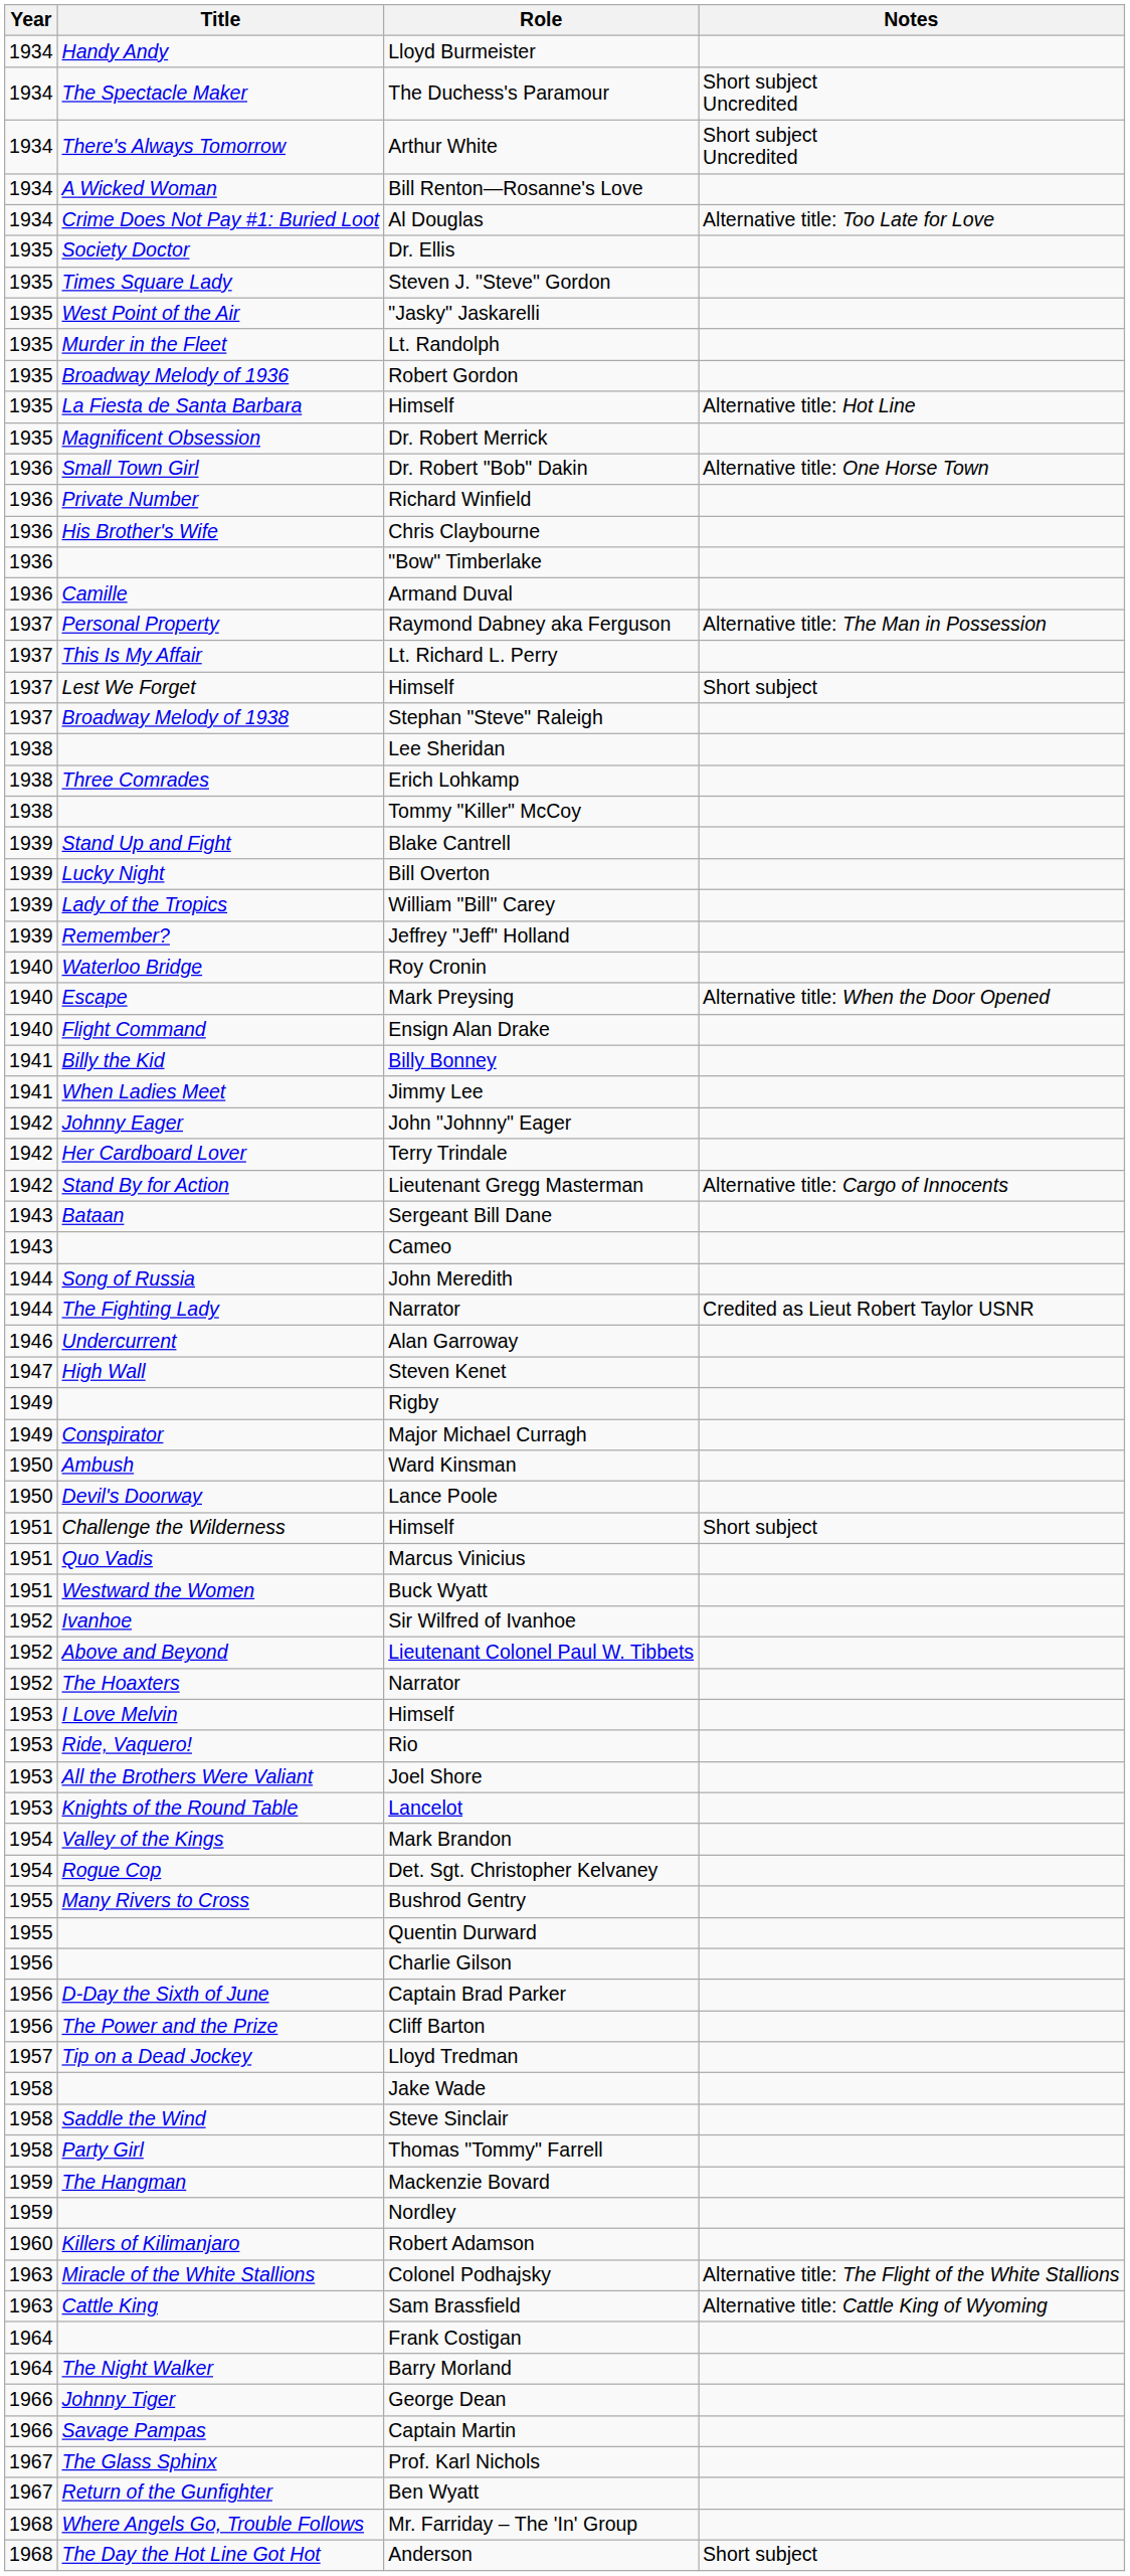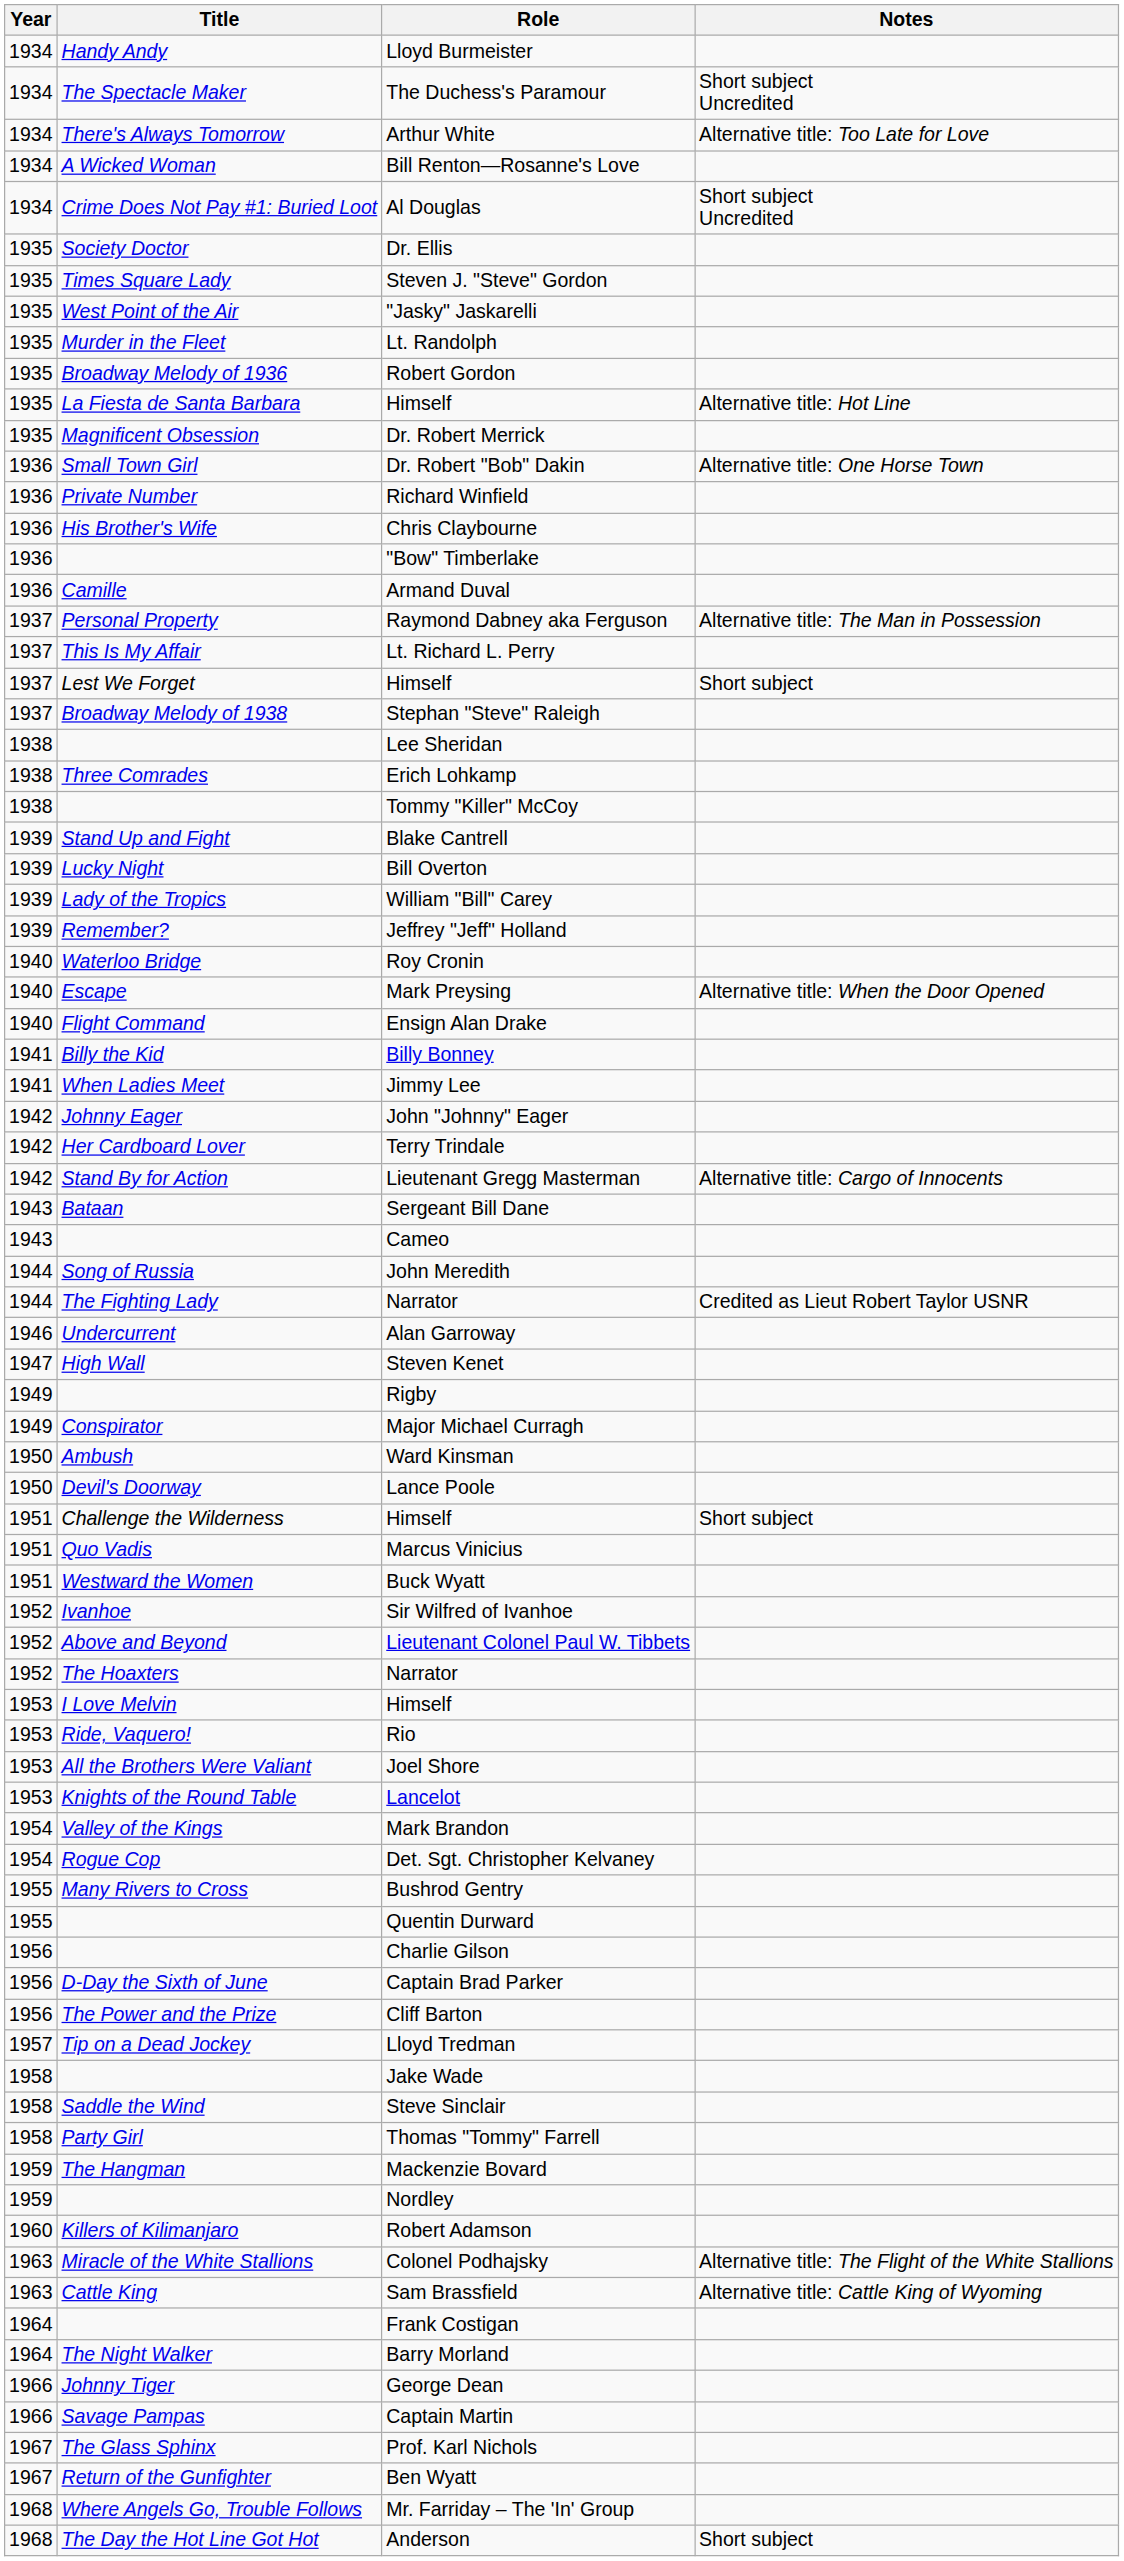 <table class="wikitable sortable">
 <tr>
 <th>Year</th>
 <th>Title</th>
 <th>Role</th>
 <th class="unsortable">Notes</th>
 </tr>
 <tr>
 <td>1934</td>
 <td><em><a href='#'>Handy Andy</a></em></td>
 <td>Lloyd Burmeister</td>
 <td></td>
 </tr>
 <tr>
 <td>1934</td>
 <td><em><a href='#'>The Spectacle Maker</a></em></td>
 <td>The Duchess's Paramour</td>
 <td>Short subject<br>Uncredited</td>
 </tr>
 <tr>
 <td>1934</td>
 <td><em><a href='#'>There's Always Tomorrow</a></em></td>
 <td>Arthur White</td>
-<td>Short subject<br>Uncredited</td>
+<td>Alternative title: <em>Too Late for Love</em></td>
 </tr>
 <tr>
 <td>1934</td>
 <td><em><a href='#'>A Wicked Woman</a></em></td>
 <td>Bill Renton—Rosanne's Love</td>
 <td></td>
 </tr>
 <tr>
 <td>1934</td>
 <td><a href='#'><em>Crime Does Not Pay #1: Buried Loot</em></a></td>
 <td>Al Douglas</td>
-<td>Alternative title: <em>Too Late for Love</em></td>
+<td>Short subject<br>Uncredited</td>
 </tr>
 <tr>
 <td>1935</td>
 <td><em><a href='#'>Society Doctor</a></em></td>
 <td>Dr. Ellis</td>
 <td></td>
 </tr>
 <tr>
 <td>1935</td>
 <td><em><a href='#'>Times Square Lady</a></em></td>
 <td>Steven J. "Steve" Gordon</td>
 <td></td>
 </tr>
 <tr>
 <td>1935</td>
 <td><em><a href='#'>West Point of the Air</a></em></td>
 <td>"Jasky" Jaskarelli</td>
 <td></td>
 </tr>
 <tr>
 <td>1935</td>
 <td><em><a href='#'>Murder in the Fleet</a></em></td>
 <td>Lt. Randolph</td>
 <td></td>
 </tr>
 <tr>
 <td>1935</td>
 <td><em><a href='#'>Broadway Melody of 1936</a></em></td>
 <td>Robert Gordon</td>
 <td></td>
 </tr>
 <tr>
 <td>1935</td>
 <td><em><a href='#'>La Fiesta de Santa Barbara</a></em></td>
 <td>Himself</td>
 <td>Alternative title: <em>Hot Line</em></td>
 </tr>
 <tr>
 <td>1935</td>
 <td><em><a href='#'>Magnificent Obsession</a></em></td>
 <td>Dr. Robert Merrick</td>
 <td></td>
 </tr>
 <tr>
 <td>1936</td>
 <td><em><a href='#'>Small Town Girl</a></em></td>
 <td>Dr. Robert "Bob" Dakin</td>
 <td>Alternative title: <em>One Horse Town</em></td>
 </tr>
 <tr>
 <td>1936</td>
 <td><em><a href='#'>Private Number</a></em></td>
 <td>Richard Winfield</td>
 <td></td>
 </tr>
 <tr>
 <td>1936</td>
 <td><em><a href='#'>His Brother's Wife</a></em></td>
 <td>Chris Claybourne</td>
 <td></td>
 </tr>
 <tr>
 <td>1936</td>
 <td><em></em></td>
 <td>"Bow" Timberlake</td>
 <td></td>
 </tr>
 <tr>
 <td>1936</td>
 <td><em><a href='#'>Camille</a></em></td>
 <td>Armand Duval</td>
 <td></td>
 </tr>
 <tr>
 <td>1937</td>
 <td><em><a href='#'>Personal Property</a></em></td>
 <td>Raymond Dabney aka Ferguson</td>
 <td>Alternative title: <em>The Man in Possession</em></td>
 </tr>
 <tr>
 <td>1937</td>
 <td><em><a href='#'>This Is My Affair</a></em></td>
 <td>Lt. Richard L. Perry</td>
 <td></td>
 </tr>
 <tr>
 <td>1937</td>
 <td><em>Lest We Forget</em></td>
 <td>Himself</td>
 <td>Short subject</td>
 </tr>
 <tr>
 <td>1937</td>
 <td><em><a href='#'>Broadway Melody of 1938</a></em></td>
 <td>Stephan "Steve" Raleigh</td>
 <td></td>
 </tr>
 <tr>
 <td>1938</td>
 <td><em></em></td>
 <td>Lee Sheridan</td>
 <td></td>
 </tr>
 <tr>
 <td>1938</td>
 <td><em><a href='#'>Three Comrades</a></em></td>
 <td>Erich Lohkamp</td>
 <td></td>
 </tr>
 <tr>
 <td>1938</td>
 <td><em></em></td>
 <td>Tommy "Killer" McCoy</td>
 <td></td>
 </tr>
 <tr>
 <td>1939</td>
 <td><em><a href='#'>Stand Up and Fight</a></em></td>
 <td>Blake Cantrell</td>
 <td></td>
 </tr>
 <tr>
 <td>1939</td>
 <td><em><a href='#'>Lucky Night</a></em></td>
 <td>Bill Overton</td>
 <td></td>
 </tr>
 <tr>
 <td>1939</td>
 <td><em><a href='#'>Lady of the Tropics</a></em></td>
 <td>William "Bill" Carey</td>
 <td></td>
 </tr>
 <tr>
 <td>1939</td>
 <td><em><a href='#'>Remember?</a></em></td>
 <td>Jeffrey "Jeff" Holland</td>
 <td></td>
 </tr>
 <tr>
 <td>1940</td>
 <td><em><a href='#'>Waterloo Bridge</a></em></td>
 <td>Roy Cronin</td>
 <td></td>
 </tr>
 <tr>
 <td>1940</td>
 <td><em><a href='#'>Escape</a></em></td>
 <td>Mark Preysing</td>
 <td>Alternative title: <em>When the Door Opened</em></td>
 </tr>
 <tr>
 <td>1940</td>
 <td><em><a href='#'>Flight Command</a></em></td>
 <td>Ensign Alan Drake</td>
 <td></td>
 </tr>
 <tr>
 <td>1941</td>
 <td><em><a href='#'>Billy the Kid</a></em></td>
 <td><a href='#'>Billy Bonney</a></td>
 <td></td>
 </tr>
 <tr>
 <td>1941</td>
 <td><em><a href='#'>When Ladies Meet</a></em></td>
 <td>Jimmy Lee</td>
 <td></td>
 </tr>
 <tr>
 <td>1942</td>
 <td><em><a href='#'>Johnny Eager</a></em></td>
 <td>John "Johnny" Eager</td>
 <td></td>
 </tr>
 <tr>
 <td>1942</td>
 <td><em><a href='#'>Her Cardboard Lover</a></em></td>
 <td>Terry Trindale</td>
 <td></td>
 </tr>
 <tr>
 <td>1942</td>
 <td><em><a href='#'>Stand By for Action</a></em></td>
 <td>Lieutenant Gregg Masterman</td>
 <td>Alternative title: <em>Cargo of Innocents</em></td>
 </tr>
 <tr>
 <td>1943</td>
 <td><em><a href='#'>Bataan</a></em></td>
 <td>Sergeant Bill Dane</td>
 <td></td>
 </tr>
 <tr>
 <td>1943</td>
 <td><em></em></td>
 <td>Cameo</td>
 <td></td>
 </tr>
 <tr>
 <td>1944</td>
 <td><em><a href='#'>Song of Russia</a></em></td>
 <td>John Meredith</td>
 <td></td>
 </tr>
 <tr>
 <td>1944</td>
 <td><em><a href='#'>The Fighting Lady</a></em></td>
 <td>Narrator</td>
 <td>Credited as Lieut Robert Taylor USNR</td>
 </tr>
 <tr>
 <td>1946</td>
 <td><em><a href='#'>Undercurrent</a></em></td>
 <td>Alan Garroway</td>
 <td></td>
 </tr>
 <tr>
 <td>1947</td>
 <td><em><a href='#'>High Wall</a></em></td>
 <td>Steven Kenet</td>
 <td></td>
 </tr>
 <tr>
 <td>1949</td>
 <td><em></em></td>
 <td>Rigby</td>
 <td></td>
 </tr>
 <tr>
 <td>1949</td>
 <td><em><a href='#'>Conspirator</a></em></td>
 <td>Major Michael Curragh</td>
 <td></td>
 </tr>
 <tr>
 <td>1950</td>
 <td><em><a href='#'>Ambush</a></em></td>
 <td>Ward Kinsman</td>
 <td></td>
 </tr>
 <tr>
 <td>1950</td>
 <td><em><a href='#'>Devil's Doorway</a></em></td>
 <td>Lance Poole</td>
 <td></td>
 </tr>
 <tr>
 <td>1951</td>
 <td><em>Challenge the Wilderness</em></td>
 <td>Himself</td>
 <td>Short subject</td>
 </tr>
 <tr>
 <td>1951</td>
 <td><em><a href='#'>Quo Vadis</a></em></td>
 <td>Marcus Vinicius</td>
 <td></td>
 </tr>
 <tr>
 <td>1951</td>
 <td><em><a href='#'>Westward the Women</a></em></td>
 <td>Buck Wyatt</td>
 <td></td>
 </tr>
 <tr>
 <td>1952</td>
 <td><em><a href='#'>Ivanhoe</a></em></td>
 <td>Sir Wilfred of Ivanhoe</td>
 <td></td>
 </tr>
 <tr>
 <td>1952</td>
 <td><em><a href='#'>Above and Beyond</a></em></td>
 <td><a href='#'>Lieutenant Colonel Paul W. Tibbets</a></td>
 <td></td>
 </tr>
 <tr>
 <td>1952</td>
 <td><em><a href='#'>The Hoaxters</a></em></td>
 <td>Narrator</td>
 <td></td>
 </tr>
 <tr>
 <td>1953</td>
 <td><em><a href='#'>I Love Melvin</a></em></td>
 <td>Himself</td>
 <td></td>
 </tr>
 <tr>
 <td>1953</td>
 <td><em><a href='#'>Ride, Vaquero!</a></em></td>
 <td>Rio</td>
 <td></td>
 </tr>
 <tr>
 <td>1953</td>
 <td><em><a href='#'>All the Brothers Were Valiant</a></em></td>
 <td>Joel Shore</td>
 <td></td>
 </tr>
 <tr>
 <td>1953</td>
 <td><em><a href='#'>Knights of the Round Table</a></em></td>
 <td><a href='#'>Lancelot</a></td>
 <td></td>
 </tr>
 <tr>
 <td>1954</td>
 <td><em><a href='#'>Valley of the Kings</a></em></td>
 <td>Mark Brandon</td>
 <td></td>
 </tr>
 <tr>
 <td>1954</td>
 <td><em><a href='#'>Rogue Cop</a></em></td>
 <td>Det. Sgt. Christopher Kelvaney</td>
 <td></td>
 </tr>
 <tr>
 <td>1955</td>
 <td><em><a href='#'>Many Rivers to Cross</a></em></td>
 <td>Bushrod Gentry</td>
 <td></td>
 </tr>
 <tr>
 <td>1955</td>
 <td><em></em></td>
 <td>Quentin Durward</td>
 <td></td>
 </tr>
 <tr>
 <td>1956</td>
 <td><em></em></td>
 <td>Charlie Gilson</td>
 <td></td>
 </tr>
 <tr>
 <td>1956</td>
 <td><em><a href='#'>D-Day the Sixth of June</a></em></td>
 <td>Captain Brad Parker</td>
 <td></td>
 </tr>
 <tr>
 <td>1956</td>
 <td><em><a href='#'>The Power and the Prize</a></em></td>
 <td>Cliff Barton</td>
 <td></td>
 </tr>
 <tr>
 <td>1957</td>
 <td><em><a href='#'>Tip on a Dead Jockey</a></em></td>
 <td>Lloyd Tredman</td>
 <td></td>
 </tr>
 <tr>
 <td>1958</td>
 <td><em></em></td>
 <td>Jake Wade</td>
 <td></td>
 </tr>
 <tr>
 <td>1958</td>
 <td><em><a href='#'>Saddle the Wind</a></em></td>
 <td>Steve Sinclair</td>
 <td></td>
 </tr>
 <tr>
 <td>1958</td>
 <td><em><a href='#'>Party Girl</a></em></td>
 <td>Thomas "Tommy" Farrell</td>
 <td></td>
 </tr>
 <tr>
 <td>1959</td>
 <td><em><a href='#'>The Hangman</a></em></td>
 <td>Mackenzie Bovard</td>
 <td></td>
 </tr>
 <tr>
 <td>1959</td>
 <td><em></em></td>
 <td>Nordley</td>
 <td></td>
 </tr>
 <tr>
 <td>1960</td>
 <td><em><a href='#'>Killers of Kilimanjaro</a></em></td>
 <td>Robert Adamson</td>
 <td></td>
 </tr>
 <tr>
 <td>1963</td>
 <td><em><a href='#'>Miracle of the White Stallions</a></em></td>
 <td>Colonel Podhajsky</td>
 <td>Alternative title: <em>The Flight of the White Stallions</em></td>
 </tr>
 <tr>
 <td>1963</td>
 <td><em><a href='#'>Cattle King</a></em></td>
 <td>Sam Brassfield</td>
 <td>Alternative title: <em>Cattle King of Wyoming</em></td>
 </tr>
 <tr>
 <td>1964</td>
 <td><em></em></td>
 <td>Frank Costigan</td>
 <td></td>
 </tr>
 <tr>
 <td>1964</td>
 <td><em><a href='#'>The Night Walker</a></em></td>
 <td>Barry Morland</td>
 <td></td>
 </tr>
 <tr>
 <td>1966</td>
 <td><em><a href='#'>Johnny Tiger</a></em></td>
 <td>George Dean</td>
 <td></td>
 </tr>
 <tr>
 <td>1966</td>
 <td><em><a href='#'>Savage Pampas</a></em></td>
 <td>Captain Martin</td>
 <td></td>
 </tr>
 <tr>
 <td>1967</td>
 <td><em><a href='#'>The Glass Sphinx</a></em></td>
 <td>Prof. Karl Nichols</td>
 <td></td>
 </tr>
 <tr>
 <td>1967</td>
 <td><em><a href='#'>Return of the Gunfighter</a></em></td>
 <td>Ben Wyatt</td>
 <td></td>
 </tr>
 <tr>
 <td>1968</td>
 <td><em><a href='#'>Where Angels Go, Trouble Follows</a></em></td>
 <td>Mr. Farriday – The 'In' Group</td>
 </tr>
 <tr>
 <td>1968</td>
 <td><em><a href='#'>The Day the Hot Line Got Hot</a></em></td>
 <td>Anderson</td>
 <td>Short subject</td>
 </tr>
 </table>
